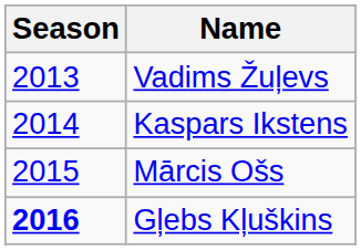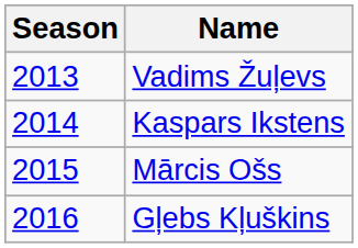 <table class="wikitable">
 <tr>
 <th>Season</th>
 <th>Name</th>
 </tr>
 <tr>
 <td><a href='#'>2013</a></td>
 <td> <a href='#'>Vadims Žuļevs</a></td>
 </tr>
 <tr>
 <td><a href='#'>2014</a></td>
 <td> <a href='#'>Kaspars Ikstens</a></td>
 </tr>
 <tr>
 <td><a href='#'>2015</a></td>
 <td> <a href='#'>Mārcis Ošs</a></td>
 </tr>
 <tr>
-<td><strong><a href='#'>2016</a></strong></td>
+<td><a href='#'>2016</a></td>
 <td> <a href='#'>Gļebs Kļuškins</a></td>
 </tr>
 </table>
